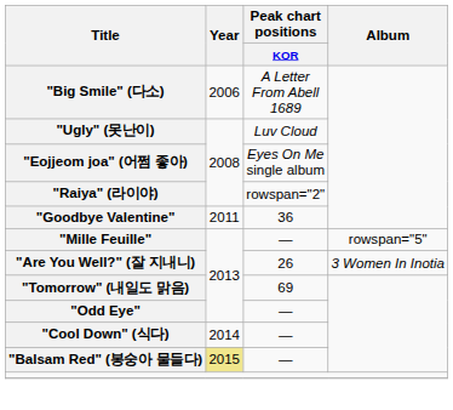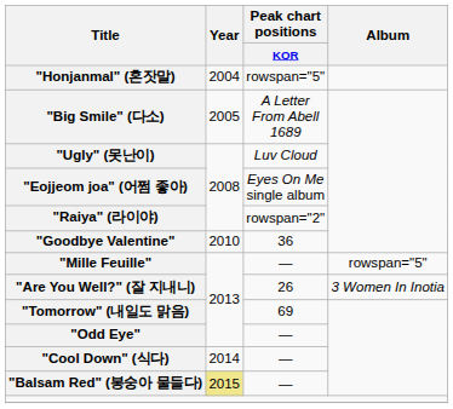 <table class="wikitable plainrowheaders" style="text-align:center;">
 <tr>
 <th scope="col" rowspan="2">Title</th>
 <th scope="col" rowspan="2">Year</th>
 <th scope="col" colspan="1" style="width:5em;">Peak chart positions</th>
 <th scope="col" rowspan="2">Album</th>
 </tr>
 <tr>
 <th><small><a href='#'>KOR</a></small><br></th>
 </tr>
 <tr>
+<th scope="row">"Honjanmal" (혼잣말)</th>
+<td>2004</td>
+<td>rowspan="5" </td>
+<td></td>
+</tr>
+<tr>
 <th scope="row">"Big Smile" (다소)</th>
-<td>2006</td>
+<td>2005</td>
 <td><em>A Letter From Abell 1689</em></td>
 </tr>
 <tr>
 <th scope="row">"Ugly" (못난이)</th>
 <td rowspan="3">2008</td>
 <td><em>Luv Cloud</em></td>
 </tr>
 <tr>
 <th scope="row">"Eojjeom joa" (어쩜 좋아)</th>
 <td><em>Eyes On Me</em> single album</td>
 </tr>
 <tr>
 <th scope="row">"Raiya" (라이야)</th>
 <td>rowspan="2" </td>
 </tr>
 <tr>
 <th scope="row">"Goodbye Valentine"</th>
-<td>2011</td>
+<td>2010</td>
 <td>36</td>
 </tr>
 <tr>
 <th scope="row">"Mille Feuille"</th>
 <td rowspan="4">2013</td>
 <td>—</td>
 <td>rowspan="5" </td>
 </tr>
 <tr>
 <th scope="row">"Are You Well?" (잘 지내니)<br></th>
 <td>26</td>
 <td><em>3 Women In Inotia</em></td>
 </tr>
 <tr>
 <th scope="row">"Tomorrow" (내일도 맑음)</th>
 <td>69</td>
 </tr>
 <tr>
 <th scope="row">"Odd Eye"</th>
 <td>—</td>
 </tr>
 <tr>
 <th scope="row">"Cool Down" (식다)<br></th>
 <td>2014</td>
 <td>—</td>
 </tr>
 <tr>
 <th scope="row">"Balsam Red" (봉숭아 물들다)<br></th>
 <td style="background: khaki;">2015</td>
 <td>—</td>
 </tr>
 <tr>
 <td colspan="4"></td>
 </tr>
 <tr>
 </tr>
 </table>
